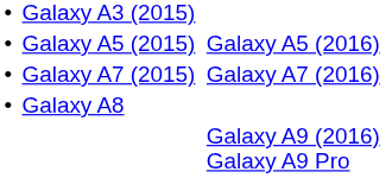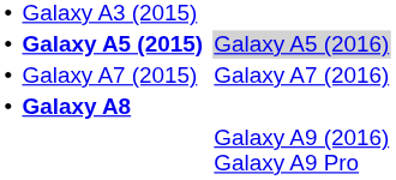 <table border=0 style="margin-left:6px;">
 <tr>
 <td style="padding-right:4px;">•</td>
 <td><a href='#'>Galaxy A3 (2015)</a></td>
 <td></td>
 <td></td>
 </tr>
 <tr>
 <td style="padding-right:4px;">•</td>
-<td><a href='#'>Galaxy A5 (2015)</a></td>
+<td><strong><a href='#'>Galaxy A5 (2015)</a></strong></td>
 <td></td>
-<td><a href='#'>Galaxy A5 (2016)</a></td>
+<td style="background: lightgrey;"><a href='#'>Galaxy A5 (2016)</a></td>
 </tr>
 <tr>
 <td style="padding-right:4px;">•</td>
 <td><a href='#'>Galaxy A7 (2015)</a></td>
 <td></td>
 <td><a href='#'>Galaxy A7 (2016)</a></td>
 </tr>
 <tr>
 <td style="padding-right:4px;">•</td>
-<td><a href='#'>Galaxy A8</a></td>
+<td><strong><a href='#'>Galaxy A8</a></strong></td>
 <td></td>
 <td></td>
 </tr>
 <tr>
 <td style="padding-right:4px;"></td>
 <td></td>
 <td></td>
 <td><a href='#'>Galaxy A9 (2016)</a><br><a href='#'>Galaxy A9 Pro</a></td>
 </tr>
 <tr>
 </tr>
 </table>
